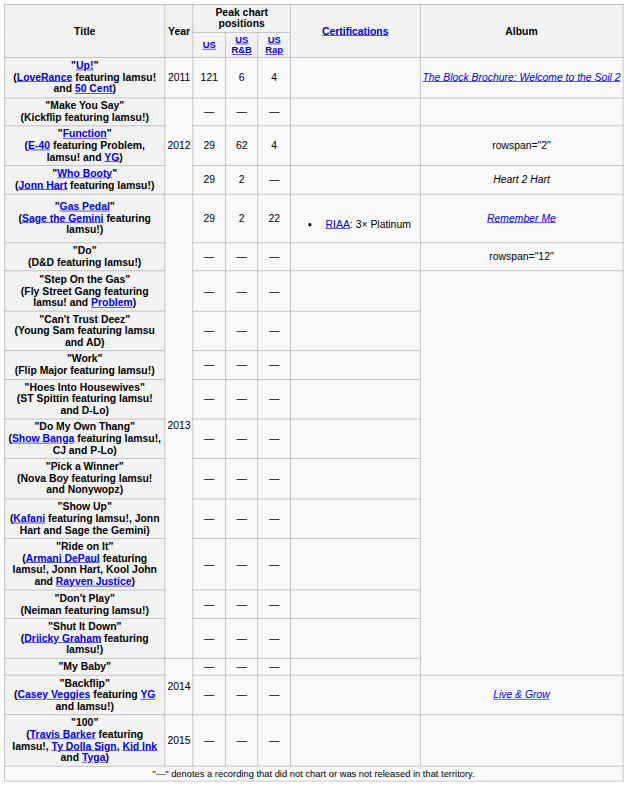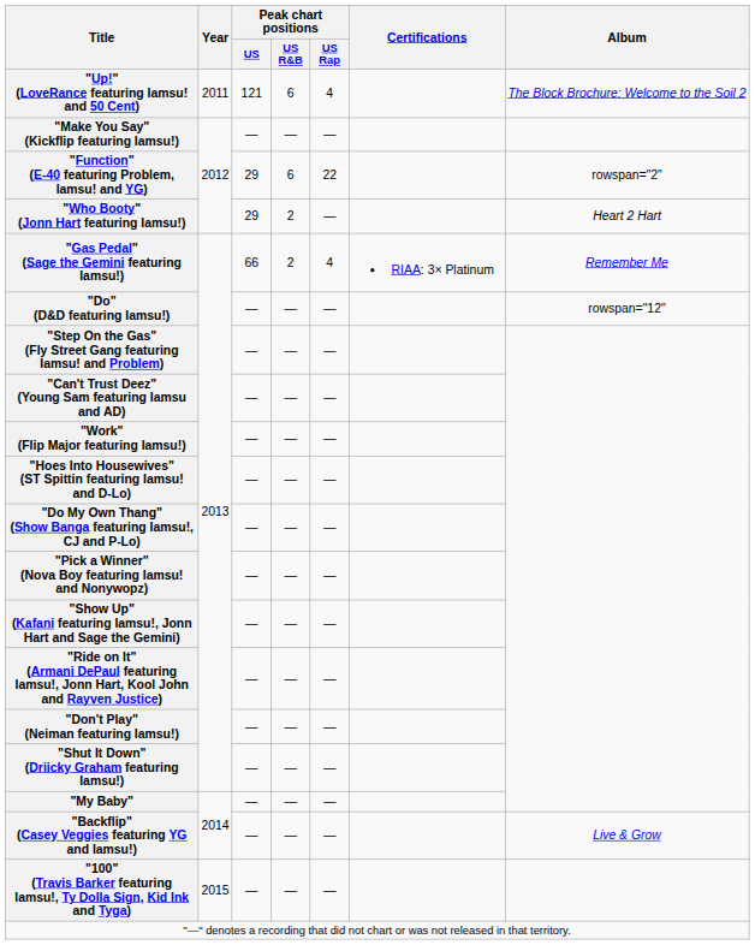 <table class="wikitable plainrowheaders" style="text-align:center;">
 <tr>
 <th scope="col" rowspan="2" style="width:15em;">Title</th>
 <th scope="col" rowspan="2">Year</th>
 <th scope="col" colspan="3">Peak chart positions</th>
 <th scope="col" rowspan="2" style="width:12em;"><a href='#'>Certifications</a></th>
 <th scope="col" rowspan="2">Album</th>
 </tr>
 <tr>
 <th scope="col" style="width:3em;font-size:90%;"><a href='#'>US</a></th>
 <th scope="col" style="width:3em;font-size:90%;"><a href='#'>US<br>R&B</a></th>
 <th scope="col" style="width:3em;font-size:90%;"><a href='#'>US<br>Rap</a></th>
 </tr>
 <tr>
 <th scope="row">"<a href='#'>Up!</a>"<br><span>(<a href='#'>LoveRance</a> featuring Iamsu! and <a href='#'>50 Cent</a>)</span></th>
 <td>2011</td>
 <td>121</td>
 <td>6</td>
 <td>4</td>
 <td></td>
 <td><em><a href='#'>The Block Brochure: Welcome to the Soil 2</a></em></td>
 </tr>
 <tr>
 <th scope="row">"Make You Say"<br><span>(Kickflip featuring Iamsu!)</span></th>
 <td rowspan="3">2012</td>
 <td>—</td>
 <td>—</td>
 <td>—</td>
 <td></td>
 </tr>
 <tr>
 <th scope="row">"<a href='#'>Function</a>"<br><span>(<a href='#'>E-40</a> featuring Problem, Iamsu! and <a href='#'>YG</a>)</span></th>
 <td>29</td>
-<td>62</td>
-<td>4</td>
+<td>6</td>
+<td>22</td>
 <td></td>
 <td>rowspan="2" </td>
 </tr>
 <tr>
 <th scope="row">"<a href='#'>Who Booty</a>"<br><span>(<a href='#'>Jonn Hart</a> featuring Iamsu!)</span></th>
 <td>29</td>
 <td>2</td>
 <td>—</td>
 <td></td>
 <td><em>Heart 2 Hart</em></td>
 </tr>
 <tr>
 <th scope="row">"<a href='#'>Gas Pedal</a>"<br><span>(<a href='#'>Sage the Gemini</a> featuring Iamsu!)</span></th>
 <td rowspan="12">2013</td>
-<td>29</td>
+<td>66</td>
 <td>2</td>
-<td>22</td>
+<td>4</td>
 <td><br><ul><li><a href='#'>RIAA</a>: 3× Platinum</li></ul></td>
 <td><em><a href='#'>Remember Me</a></em></td>
 </tr>
 <tr>
 <th scope="row">"Do"<br><span>(D&D featuring Iamsu!)</span></th>
 <td>—</td>
 <td>—</td>
 <td>—</td>
 <td></td>
 <td>rowspan="12" </td>
 </tr>
 <tr>
 <th scope="row">"Step On the Gas"<br><span>(Fly Street Gang featuring Iamsu! and <a href='#'>Problem</a>)</span></th>
 <td>—</td>
 <td>—</td>
 <td>—</td>
 <td></td>
 </tr>
 <tr>
 <th scope="row">"Can't Trust Deez"<br><span>(Young Sam featuring Iamsu and AD)</span></th>
 <td>—</td>
 <td>—</td>
 <td>—</td>
 <td></td>
 </tr>
 <tr>
 <th scope="row">"Work"<br><span>(Flip Major featuring Iamsu!)</span></th>
 <td>—</td>
 <td>—</td>
 <td>—</td>
 <td></td>
 </tr>
 <tr>
 <th scope="row">"Hoes Into Housewives"<br><span>(ST Spittin featuring Iamsu! and D-Lo)</span></th>
 <td>—</td>
 <td>—</td>
 <td>—</td>
 <td></td>
 </tr>
 <tr>
 <th scope="row">"Do My Own Thang"<br><span>(<a href='#'>Show Banga</a> featuring Iamsu!, CJ and P-Lo)</span></th>
 <td>—</td>
 <td>—</td>
 <td>—</td>
 <td></td>
 </tr>
 <tr>
 <th scope="row">"Pick a Winner"<br><span>(Nova Boy featuring Iamsu! and Nonywopz)</span></th>
 <td>—</td>
 <td>—</td>
 <td>—</td>
 <td></td>
 </tr>
 <tr>
 <th scope="row">"Show Up"<br><span>(<a href='#'>Kafani</a> featuring Iamsu!, Jonn Hart and Sage the Gemini)</span></th>
 <td>—</td>
 <td>—</td>
 <td>—</td>
 <td></td>
 </tr>
 <tr>
 <th scope="row">"Ride on It"<br><span>(<a href='#'>Armani DePaul</a> featuring Iamsu!, Jonn Hart, Kool John and <a href='#'>Rayven Justice</a>)</span></th>
 <td>—</td>
 <td>—</td>
 <td>—</td>
 <td></td>
 </tr>
 <tr>
 <th scope="row">"Don't Play"<br><span>(Neiman featuring Iamsu!)</span></th>
 <td>—</td>
 <td>—</td>
 <td>—</td>
 <td></td>
 </tr>
 <tr>
 <th scope="row">"Shut It Down"<br><span>(<a href='#'>Driicky Graham</a> featuring Iamsu!)</span></th>
 <td>—</td>
 <td>—</td>
 <td>—</td>
 <td></td>
 </tr>
 <tr>
 <th scope="row">"My Baby"<br></th>
 <td rowspan="2">2014</td>
 <td>—</td>
 <td>—</td>
 <td>—</td>
 <td></td>
 </tr>
 <tr>
 <th scope="row">"Backflip"<br><span>(<a href='#'>Casey Veggies</a> featuring <a href='#'>YG</a> and Iamsu!)</span></th>
 <td>—</td>
 <td>—</td>
 <td>—</td>
 <td></td>
 <td><em><a href='#'>Live & Grow</a></em></td>
 </tr>
 <tr>
 <th scope="row">"100"<br><span>(<a href='#'>Travis Barker</a> featuring Iamsu!, <a href='#'>Ty Dolla Sign</a>, <a href='#'>Kid Ink</a> and <a href='#'>Tyga</a>)</span></th>
 <td>2015</td>
 <td>—</td>
 <td>—</td>
 <td>—</td>
 <td></td>
 <td></td>
 </tr>
 <tr>
 <td colspan="15" style="font-size:90%">"—" denotes a recording that did not chart or was not released in that territory.</td>
 </tr>
 </table>
